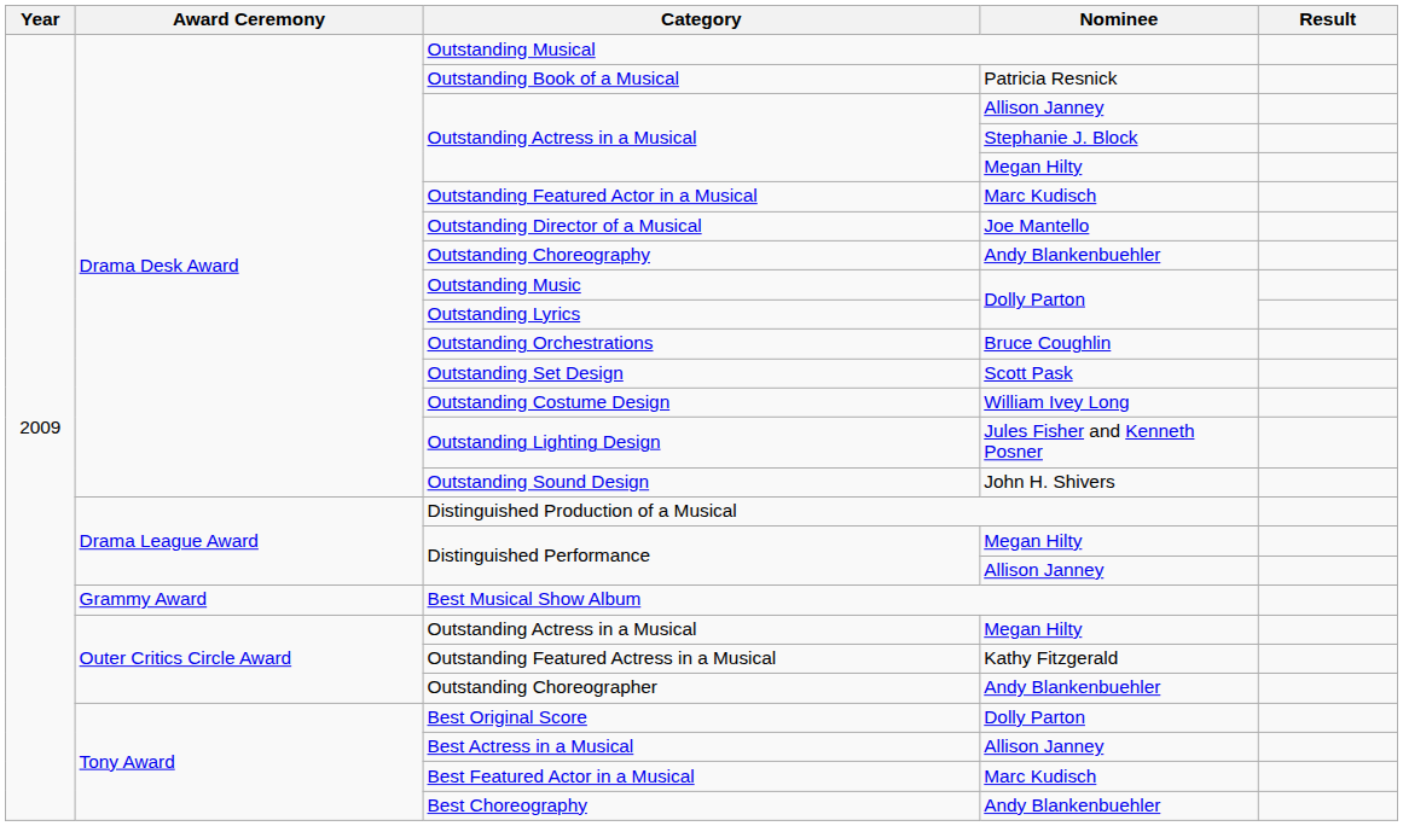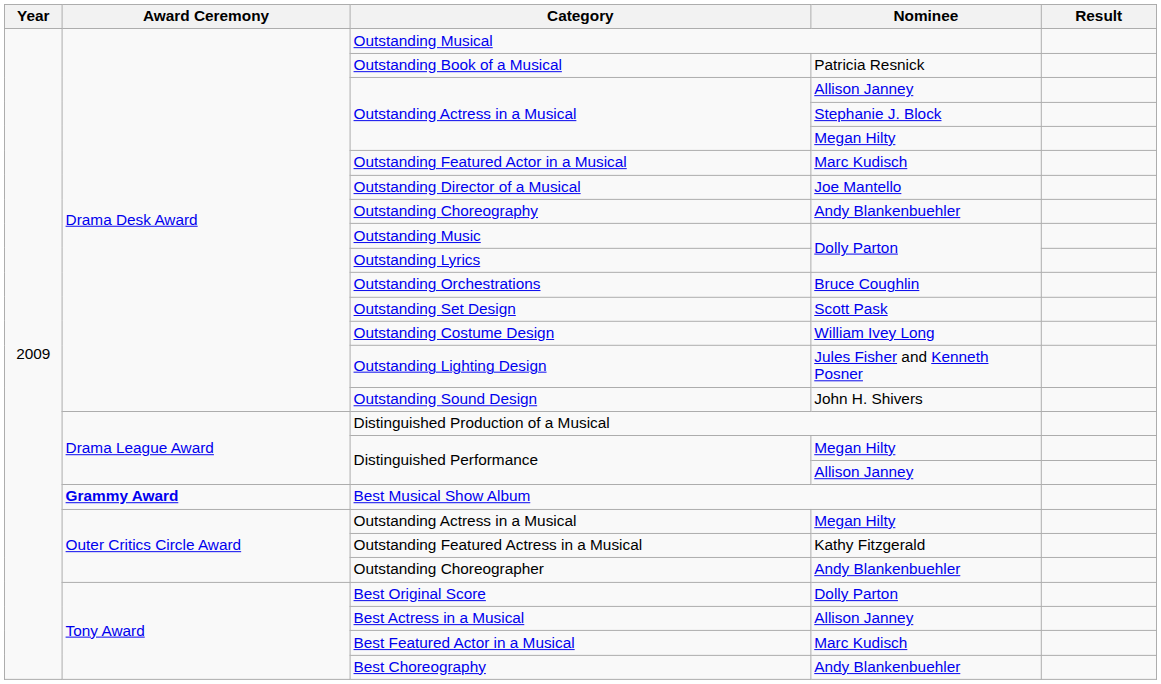 <table class="wikitable" width="95%">
 <tr>
 <th width="5%">Year</th>
 <th width="25%">Award Ceremony</th>
 <th width="40%">Category</th>
 <th width="20%">Nominee</th>
 <th width="10%">Result</th>
 </tr>
 <tr>
 <td rowspan="26" align="center">2009</td>
 <td rowspan="15"><a href='#'>Drama Desk Award</a></td>
 <td colspan="2"><a href='#'>Outstanding Musical</a></td>
 <td></td>
 </tr>
 <tr>
 <td><a href='#'>Outstanding Book of a Musical</a></td>
 <td>Patricia Resnick</td>
 <td></td>
 </tr>
 <tr>
 <td rowspan="3"><a href='#'>Outstanding Actress in a Musical</a></td>
 <td><a href='#'>Allison Janney</a></td>
 <td></td>
 </tr>
 <tr>
 <td><a href='#'>Stephanie J. Block</a></td>
 <td></td>
 </tr>
 <tr>
 <td><a href='#'>Megan Hilty</a></td>
 <td></td>
 </tr>
 <tr>
 <td><a href='#'>Outstanding Featured Actor in a Musical</a></td>
 <td><a href='#'>Marc Kudisch</a></td>
 <td></td>
 </tr>
 <tr>
 <td><a href='#'>Outstanding Director of a Musical</a></td>
 <td><a href='#'>Joe Mantello</a></td>
 <td></td>
 </tr>
 <tr>
 <td><a href='#'>Outstanding Choreography</a></td>
 <td><a href='#'>Andy Blankenbuehler</a></td>
 <td></td>
 </tr>
 <tr>
 <td><a href='#'>Outstanding Music</a></td>
 <td rowspan="2"><a href='#'>Dolly Parton</a></td>
 <td></td>
 </tr>
 <tr>
 <td><a href='#'>Outstanding Lyrics</a></td>
 <td></td>
 </tr>
 <tr>
 <td><a href='#'>Outstanding Orchestrations</a></td>
 <td><a href='#'>Bruce Coughlin</a></td>
 <td></td>
 </tr>
 <tr>
 <td><a href='#'>Outstanding Set Design</a></td>
 <td><a href='#'>Scott Pask</a></td>
 <td></td>
 </tr>
 <tr>
 <td><a href='#'>Outstanding Costume Design</a></td>
 <td><a href='#'>William Ivey Long</a></td>
 <td></td>
 </tr>
 <tr>
 <td><a href='#'>Outstanding Lighting Design</a></td>
 <td><a href='#'>Jules Fisher</a> and <a href='#'>Kenneth Posner</a></td>
 <td></td>
 </tr>
 <tr>
 <td><a href='#'>Outstanding Sound Design</a></td>
 <td>John H. Shivers</td>
 <td></td>
 </tr>
 <tr>
 <td rowspan="3"><a href='#'>Drama League Award</a></td>
 <td colspan="2">Distinguished Production of a Musical</td>
 <td></td>
 </tr>
 <tr>
 <td rowspan="2">Distinguished Performance</td>
 <td><a href='#'>Megan Hilty</a></td>
 <td></td>
 </tr>
 <tr>
 <td><a href='#'>Allison Janney</a></td>
 <td></td>
 </tr>
 <tr>
-<td><a href='#'>Grammy Award</a></td>
+<td><strong><a href='#'>Grammy Award</a></strong></td>
 <td colspan="2"><a href='#'>Best Musical Show Album</a></td>
 <td></td>
 </tr>
 <tr>
 <td rowspan="3"><a href='#'>Outer Critics Circle Award</a></td>
 <td>Outstanding Actress in a Musical</td>
 <td><a href='#'>Megan Hilty</a></td>
 <td></td>
 </tr>
 <tr>
 <td>Outstanding Featured Actress in a Musical</td>
 <td>Kathy Fitzgerald</td>
 <td></td>
 </tr>
 <tr>
 <td>Outstanding Choreographer</td>
 <td><a href='#'>Andy Blankenbuehler</a></td>
 <td></td>
 </tr>
 <tr>
 <td rowspan="4"><a href='#'>Tony Award</a></td>
 <td><a href='#'>Best Original Score</a></td>
 <td><a href='#'>Dolly Parton</a></td>
 <td></td>
 </tr>
 <tr>
 <td><a href='#'>Best Actress in a Musical</a></td>
 <td><a href='#'>Allison Janney</a></td>
 <td></td>
 </tr>
 <tr>
 <td><a href='#'>Best Featured Actor in a Musical</a></td>
 <td><a href='#'>Marc Kudisch</a></td>
 <td></td>
 </tr>
 <tr>
 <td><a href='#'>Best Choreography</a></td>
 <td><a href='#'>Andy Blankenbuehler</a></td>
 <td></td>
 </tr>
 </table>
